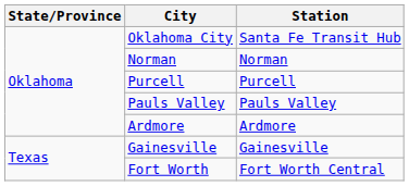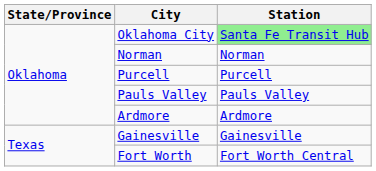 <table class="wikitable mw-collapsible">
 <tr>
 <th>State/Province</th>
 <th>City</th>
 <th>Station</th>
 </tr>
 <tr>
 <td rowspan="5"><a href='#'>Oklahoma</a></td>
 <td><a href='#'>Oklahoma City</a></td>
-<td><a href='#'>Santa Fe Transit Hub</a></td>
+<td style="background: lightgreen;"><a href='#'>Santa Fe Transit Hub</a></td>
 </tr>
 <tr>
 <td><a href='#'>Norman</a></td>
 <td><a href='#'>Norman</a></td>
 </tr>
 <tr>
 <td><a href='#'>Purcell</a></td>
 <td><a href='#'>Purcell</a></td>
 </tr>
 <tr>
 <td><a href='#'>Pauls Valley</a></td>
 <td><a href='#'>Pauls Valley</a></td>
 </tr>
 <tr>
 <td><a href='#'>Ardmore</a></td>
 <td><a href='#'>Ardmore</a></td>
 </tr>
 <tr>
 <td rowspan="2"><a href='#'>Texas</a></td>
 <td><a href='#'>Gainesville</a></td>
 <td><a href='#'>Gainesville</a></td>
 </tr>
 <tr>
 <td><a href='#'>Fort Worth</a></td>
 <td><a href='#'>Fort Worth Central</a></td>
 </tr>
 </table>
